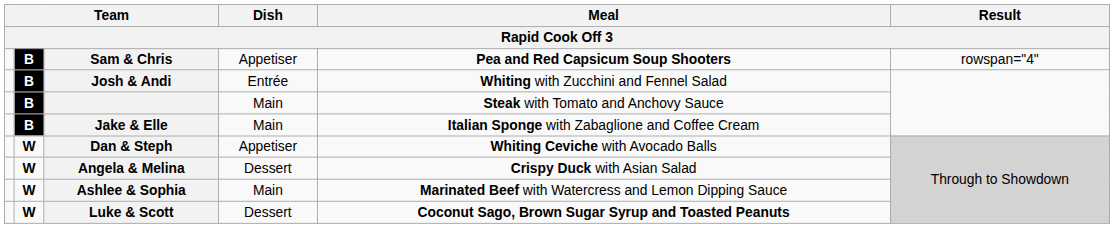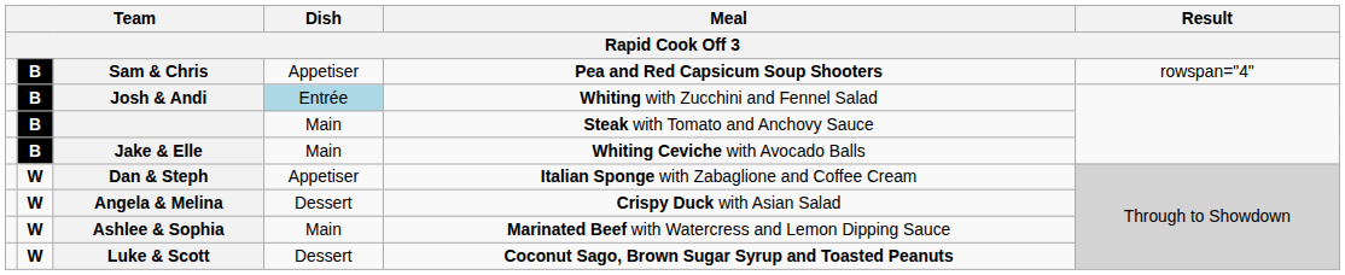 <table class="wikitable plainrowheaders" style="margin:1em auto; text-align:center; font-size:90%; width:80em;">
 <tr>
 <th colspan="3">Team</th>
 <th>Dish</th>
 <th>Meal</th>
 <th>Result</th>
 </tr>
 <tr>
 <th colspan="6" >Rapid Cook Off 3</th>
 </tr>
 <tr>
 <td></td>
 <td style="text-align:center; background:black; color:white;"><strong>B</strong></td>
 <th>Sam & Chris</th>
 <td>Appetiser</td>
 <td><strong>Pea and Red Capsicum Soup Shooters</strong></td>
 <td>rowspan="4" </td>
 </tr>
 <tr>
 <td></td>
 <td style="text-align:center; background:black; color:white;"><strong>B</strong></td>
 <th>Josh & Andi</th>
-<td>Entrée</td>
+<td style="background: lightblue;">Entrée</td>
 <td><strong>Whiting</strong> with Zucchini and Fennel Salad</td>
 </tr>
 <tr>
 <td></td>
 <td style="text-align:center; background:black; color:white;"><strong>B</strong></td>
 <th></th>
 <td>Main</td>
 <td><strong>Steak</strong> with Tomato and Anchovy Sauce</td>
 </tr>
 <tr>
 <td></td>
 <td style="text-align:center; background:black; color:white;"><strong>B</strong></td>
 <th>Jake & Elle</th>
 <td>Main</td>
-<td><strong>Italian Sponge</strong> with Zabaglione and Coffee Cream</td>
+<td><strong>Whiting Ceviche</strong> with Avocado Balls</td>
 </tr>
 <tr>
 <td></td>
 <td><strong>W</strong></td>
 <th>Dan & Steph</th>
 <td>Appetiser</td>
-<td><strong>Whiting Ceviche</strong> with Avocado Balls</td>
+<td><strong>Italian Sponge</strong> with Zabaglione and Coffee Cream</td>
 <td rowspan="4" bgcolor=lightgray>Through to Showdown</td>
 </tr>
 <tr>
 <td></td>
 <td><strong>W</strong></td>
 <th>Angela & Melina</th>
 <td>Dessert</td>
 <td><strong>Crispy Duck</strong> with Asian Salad</td>
 </tr>
 <tr>
 <td></td>
 <td><strong>W</strong></td>
 <th>Ashlee & Sophia</th>
 <td>Main</td>
 <td><strong>Marinated Beef</strong> with Watercress and Lemon Dipping Sauce</td>
 </tr>
 <tr>
 <td></td>
 <td><strong>W</strong></td>
 <th>Luke & Scott</th>
 <td>Dessert</td>
 <td><strong>Coconut Sago, Brown Sugar Syrup and Toasted Peanuts</strong></td>
 </tr>
 </table>
